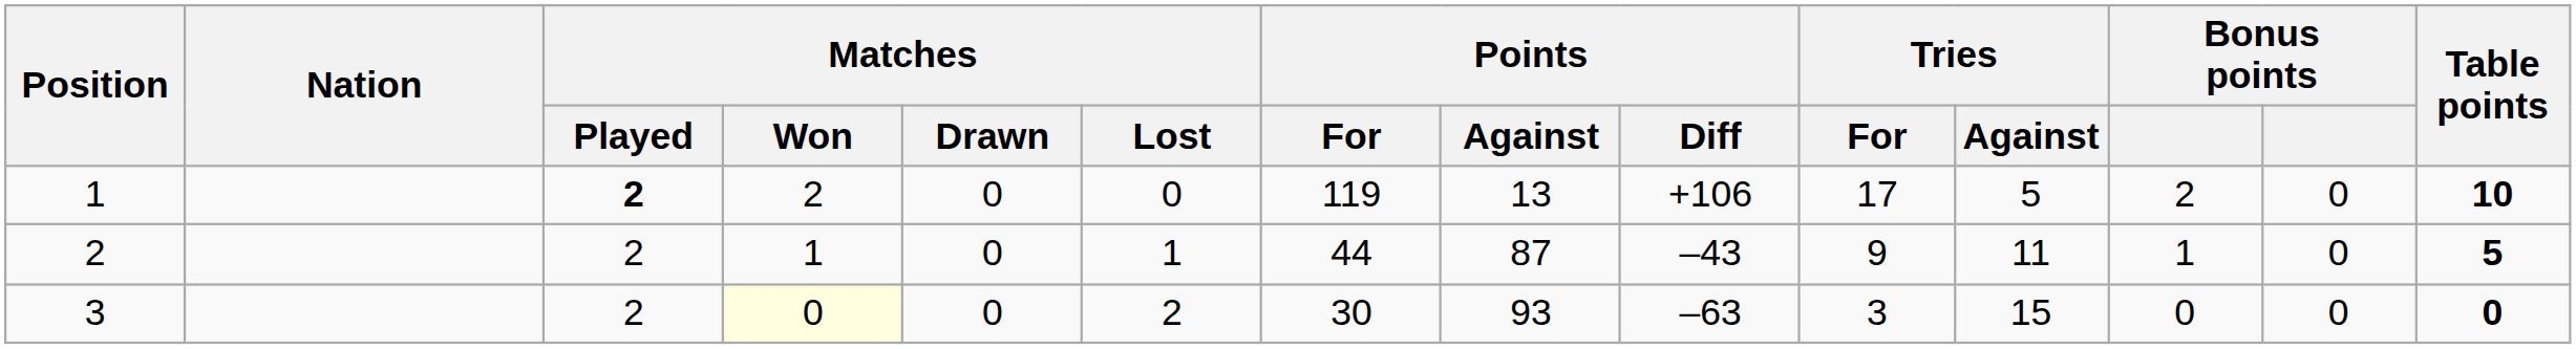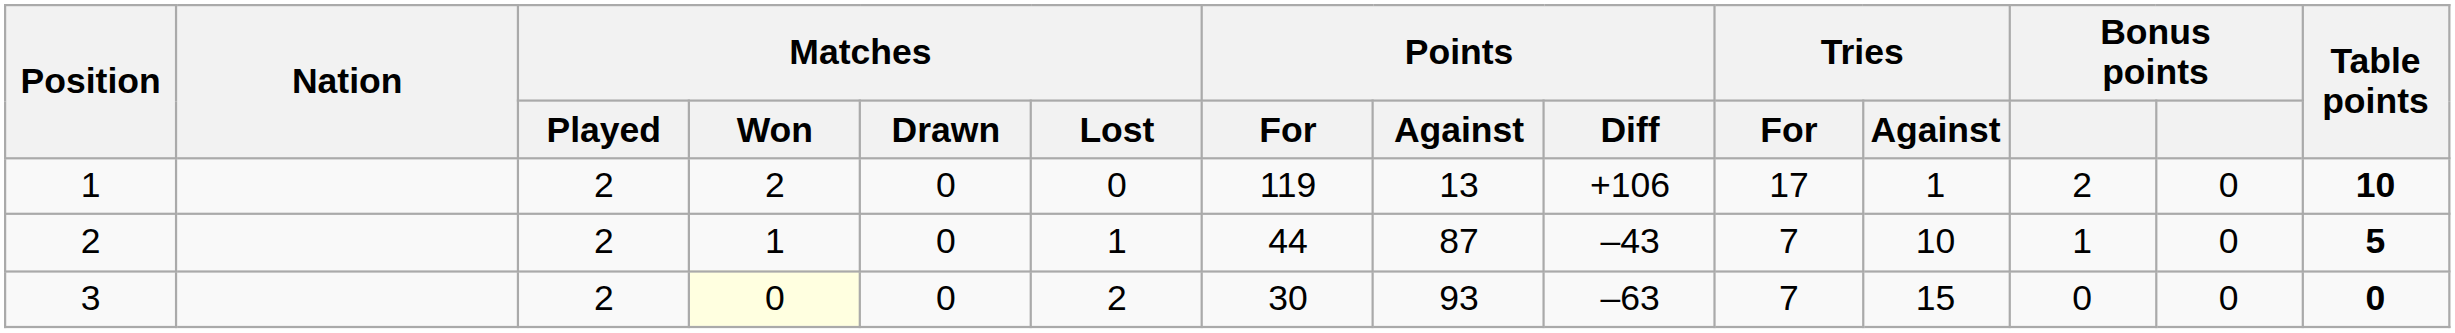 <table class="wikitable" style="text-align:center">
 <tr>
 <th rowspan="2" style="width:7%">Position</th>
 <th rowspan="2" style="width:14%">Nation</th>
 <th colspan="4" style="width:28%">Matches</th>
 <th colspan="3" style="width:21%">Points</th>
 <th colspan="2" style="width:14%">Tries</th>
 <th colspan="2" style="width:10%">Bonus<br>points</th>
 <th rowspan="2" style="width:9%">Table<br>points</th>
 </tr>
 <tr>
 <th style="width:7%">Played</th>
 <th style="width:7%">Won</th>
 <th style="width:7%">Drawn</th>
 <th style="width:7%">Lost</th>
 <th style="width:7%">For</th>
 <th style="width:7%">Against</th>
 <th style="width:7%">Diff</th>
 <th style="width:6%">For</th>
 <th style="width:6%">Against</th>
 <th style="width:6%"></th>
 <th style="width:6%"></th>
 </tr>
 <tr>
 <td>1</td>
 <td align="left"></td>
-<td><strong>2</strong></td>
+<td>2</td>
 <td>2</td>
 <td>0</td>
 <td>0</td>
 <td>119</td>
 <td>13</td>
 <td>+106</td>
 <td>17</td>
-<td>5</td>
+<td>1</td>
 <td>2</td>
 <td>0</td>
 <td><strong>10</strong></td>
 </tr>
 <tr>
 <td>2</td>
 <td align="left"></td>
 <td>2</td>
 <td>1</td>
 <td>0</td>
 <td>1</td>
 <td>44</td>
 <td>87</td>
 <td>–43</td>
-<td>9</td>
-<td>11</td>
+<td>7</td>
+<td>10</td>
 <td>1</td>
 <td>0</td>
 <td><strong>5</strong></td>
 </tr>
 <tr>
 <td>3</td>
 <td align="left"></td>
 <td>2</td>
 <td style="background: lightyellow;">0</td>
 <td>0</td>
 <td>2</td>
 <td>30</td>
 <td>93</td>
 <td>–63</td>
-<td>3</td>
+<td>7</td>
 <td>15</td>
 <td>0</td>
 <td>0</td>
 <td><strong>0</strong></td>
 </tr>
 </table>
